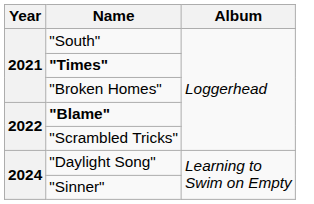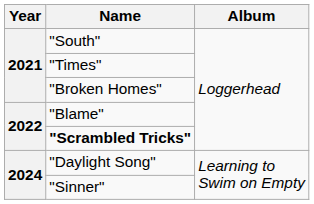 <table class="wikitable plainrowheaders">
 <tr>
 <th scope="col">Year</th>
 <th scope="col">Name</th>
 <th scope="col">Album</th>
 </tr>
 <tr>
 <th scope="row" rowspan="3">2021</th>
 <td>"South"</td>
 <td rowspan="5"><em>Loggerhead</em></td>
 </tr>
 <tr>
-<td><strong>"Times"</strong></td>
+<td>"Times"</td>
 </tr>
 <tr>
 <td>"Broken Homes"</td>
 </tr>
 <tr>
 <th scope="row" rowspan="2">2022</th>
-<td><strong>"Blame"</strong></td>
+<td>"Blame"</td>
 </tr>
 <tr>
-<td>"Scrambled Tricks"</td>
+<td><strong>"Scrambled Tricks"</strong></td>
 </tr>
 <tr>
 <th scope="row" rowspan="2">2024</th>
 <td>"Daylight Song"</td>
 <td rowspan="2"><em>Learning to<br>Swim on Empty</em></td>
 </tr>
 <tr>
 <td>"Sinner"</td>
 </tr>
 </table>
